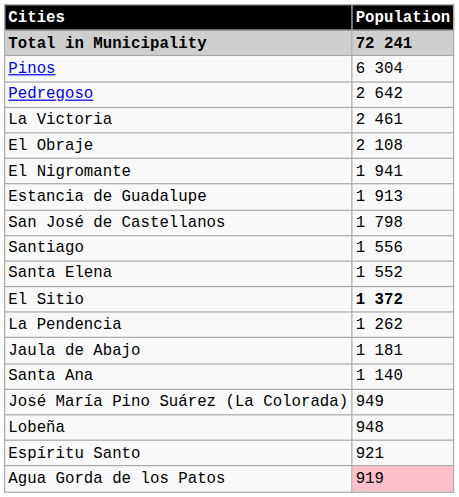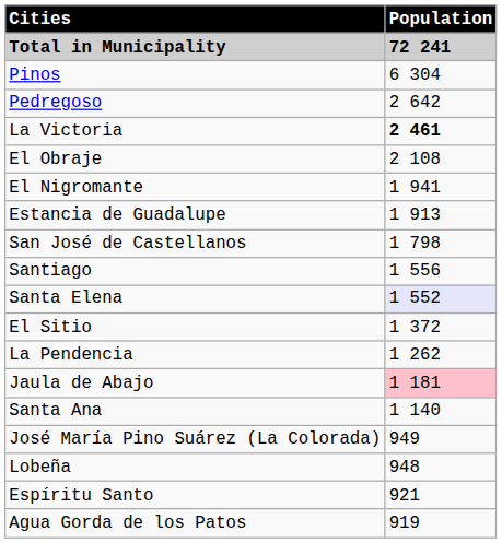 <table class="wikitable">
 <tr style="background:#000000; color:#FFFFFF;">
 <td><strong>Cities</strong></td>
 <td><strong>Population</strong></td>
 </tr>
 <tr style="background:#CFCFCF;">
 <td><strong>Total in Municipality</strong></td>
 <td><strong>72 241</strong></td>
 </tr>
 <tr>
 <td><a href='#'>Pinos</a></td>
 <td>6 304</td>
 </tr>
 <tr>
 <td><a href='#'>Pedregoso</a></td>
 <td>2 642</td>
 </tr>
 <tr>
 <td>La Victoria</td>
-<td>2 461</td>
+<td><strong>2 461</strong></td>
 </tr>
 <tr>
 <td>El Obraje</td>
 <td>2 108</td>
 </tr>
 <tr>
 <td>El Nigromante</td>
 <td>1 941</td>
 </tr>
 <tr>
 <td>Estancia de Guadalupe</td>
 <td>1 913</td>
 </tr>
 <tr>
 <td>San José de Castellanos</td>
 <td>1 798</td>
 </tr>
 <tr>
 <td>Santiago</td>
 <td>1 556</td>
 </tr>
 <tr>
 <td>Santa Elena</td>
-<td>1 552</td>
+<td style="background: lavender;">1 552</td>
 </tr>
 <tr>
 <td>El Sitio</td>
-<td><strong>1 372</strong></td>
+<td>1 372</td>
 </tr>
 <tr>
 <td>La Pendencia</td>
 <td>1 262</td>
 </tr>
 <tr>
 <td>Jaula de Abajo</td>
-<td>1 181</td>
+<td style="background: pink;">1 181</td>
 </tr>
 <tr>
 <td>Santa Ana</td>
 <td>1 140</td>
 </tr>
 <tr>
 <td>José María Pino Suárez (La Colorada)</td>
 <td>949</td>
 </tr>
 <tr>
 <td>Lobeña</td>
 <td>948</td>
 </tr>
 <tr>
 <td>Espíritu Santo</td>
 <td>921</td>
 </tr>
 <tr>
 <td>Agua Gorda de los Patos</td>
-<td style="background: pink;">919</td>
+<td>919</td>
 </tr>
 </table>
